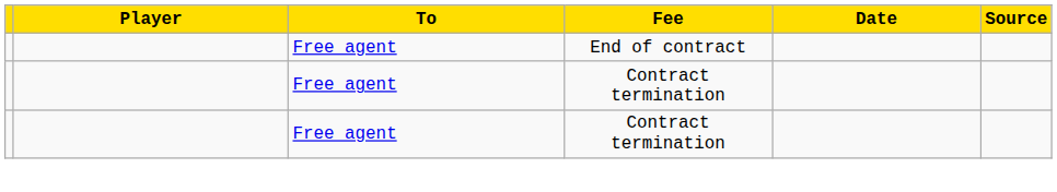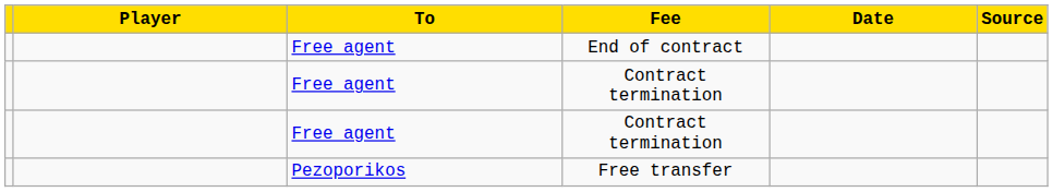 <table class="wikitable sortable">
 <tr>
 <th style="background:#FFDE00"></th>
 <th width=200 style="background:#FFDE00">Player</th>
 <th width=200 style="background:#FFDE00">To</th>
 <th width=150 style="background:#FFDE00">Fee</th>
 <th width=150 style="background:#FFDE00">Date</th>
 <th style="background:#FFDE00">Source</th>
 </tr>
 <tr>
 <td align=center></td>
 <td></td>
 <td><a href='#'>Free agent</a></td>
 <td align=center>End of contract</td>
 <td align=center></td>
 <td align=center></td>
 </tr>
 <tr>
 <td align=center></td>
 <td></td>
 <td><a href='#'>Free agent</a></td>
 <td align=center>Contract termination</td>
 <td align=center></td>
 <td align=center></td>
 </tr>
 <tr>
 <td align=center></td>
 <td></td>
 <td><a href='#'>Free agent</a></td>
 <td align=center>Contract termination</td>
 <td align=center></td>
 <td align=center></td>
 </tr>
+<tr>
+<td align=center></td>
+<td></td>
+<td> <a href='#'>Pezoporikos</a></td>
+<td align=center>Free transfer</td>
+<td align=center></td>
+<td align=center></td>
+</tr>
 </table>
